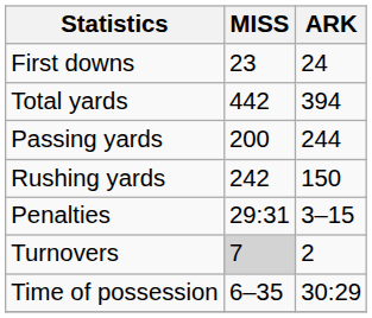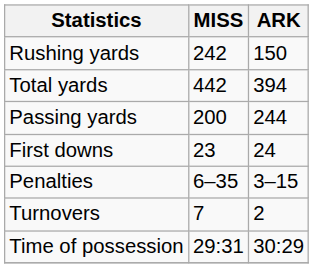 <table class="wikitable" style="float: left;">
 <tr>
 <th>Statistics</th>
 <th>MISS</th>
 <th>ARK</th>
 </tr>
 <tr>
-<td>First downs</td>
-<td>23</td>
-<td>24</td>
+<td>Rushing yards</td>
+<td>242</td>
+<td>150</td>
 </tr>
 <tr>
 <td>Total yards</td>
 <td>442</td>
 <td>394</td>
 </tr>
 <tr>
 <td>Passing yards</td>
 <td>200</td>
 <td>244</td>
 </tr>
 <tr>
-<td>Rushing yards</td>
-<td>242</td>
-<td>150</td>
+<td>First downs</td>
+<td>23</td>
+<td>24</td>
 </tr>
 <tr>
 <td>Penalties</td>
-<td>29:31</td>
+<td>6–35</td>
 <td>3–15</td>
 </tr>
 <tr>
 <td>Turnovers</td>
-<td style="background: lightgrey;">7</td>
+<td>7</td>
 <td>2</td>
 </tr>
 <tr>
 <td>Time of possession</td>
-<td>6–35</td>
+<td>29:31</td>
 <td>30:29</td>
 </tr>
 <tr>
 </tr>
 </table>
